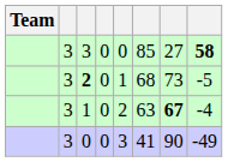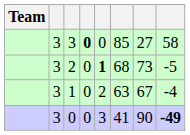 <table class="wikitable" style="text-align: center;">
 <tr>
 <th>Team</th>
 <th></th>
 <th></th>
 <th></th>
 <th></th>
 <th></th>
 <th></th>
 <th></th>
 </tr>
 <tr bgcolor="ccffcc">
 <td align="left"></td>
 <td>3</td>
 <td>3</td>
-<td>0</td>
+<td><strong>0</strong></td>
 <td>0</td>
 <td>85</td>
 <td>27</td>
-<td><strong>58</strong></td>
+<td>58</td>
 </tr>
 <tr bgcolor="ccffcc">
 <td align="left"></td>
 <td>3</td>
-<td><strong>2</strong></td>
+<td>2</td>
 <td>0</td>
-<td>1</td>
+<td><strong>1</strong></td>
 <td>68</td>
 <td>73</td>
 <td>-5</td>
 </tr>
 <tr bgcolor="ccffcc">
 <td align="left"></td>
 <td>3</td>
 <td>1</td>
 <td>0</td>
 <td>2</td>
 <td>63</td>
-<td><strong>67</strong></td>
+<td>67</td>
 <td>-4</td>
 </tr>
 <tr bgcolor="ccccff">
 <td align="left"></td>
 <td>3</td>
 <td>0</td>
 <td>0</td>
 <td>3</td>
 <td>41</td>
 <td>90</td>
-<td>-49</td>
+<td><strong>-49</strong></td>
 </tr>
 </table>
